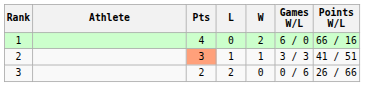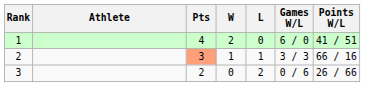 <table class="wikitable" style="text-align: center; font-size:90% ">
 <tr>
 <th width="20">Rank</th>
 <th width="180">Athlete</th>
 <th width="30">Pts</th>
+<th width="30">W</th>
 <th width="30">L</th>
-<th width="30">W</th>
 <th width="40">Games<br>W/L</th>
 <th width="50">Points<br>W/L</th>
 </tr>
 <tr bgcolor=#ccffcc>
 <td>1</td>
 <td align=left></td>
 <td>4</td>
+<td>2</td>
 <td>0</td>
-<td>2</td>
 <td>6 / 0</td>
-<td>66 / 16</td>
+<td>41 / 51</td>
 </tr>
 <tr>
 <td>2</td>
 <td align=left></td>
 <td style="background: lightsalmon;">3</td>
 <td>1</td>
 <td>1</td>
 <td>3 / 3</td>
-<td>41 / 51</td>
+<td>66 / 16</td>
 </tr>
 <tr>
 <td>3</td>
 <td align=left></td>
 <td>2</td>
+<td>0</td>
 <td>2</td>
-<td>0</td>
 <td>0 / 6</td>
 <td>26 / 66</td>
 </tr>
 </table>
